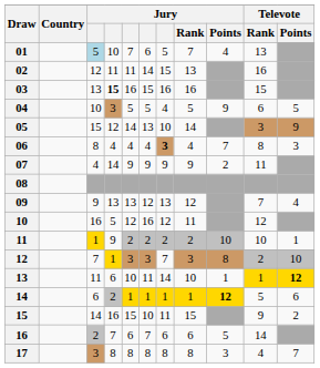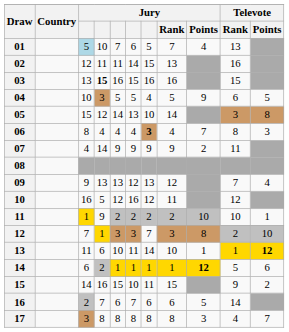 <table class="sortable wikitable collapsible plainrowheaders" style="text-align:center;">
 <tr>
 </tr>
 <tr>
 <th scope="col" rowspan="2">Draw</th>
 <th scope="col" rowspan="2">Country</th>
 <th scope="col" colspan="7">Jury</th>
 <th scope="col" colspan="2">Televote</th>
 </tr>
 <tr>
 <th scope="col"><small></small></th>
 <th scope="col"><small></small></th>
 <th scope="col"><small></small></th>
 <th scope="col"><small></small></th>
 <th scope="col"><small></small></th>
 <th scope="col">Rank</th>
 <th scope="col">Points</th>
 <th scope="col">Rank</th>
 <th scope="col">Points</th>
 </tr>
 <tr>
 <th scope="row" style="text-align:center;">01</th>
 <td style="text-align:left;"></td>
 <td style="background: lightblue;">5</td>
 <td>10</td>
 <td>7</td>
 <td>6</td>
 <td>5</td>
 <td>7</td>
 <td>4</td>
 <td>13</td>
 <td style="background:#AAAAAA;"></td>
 </tr>
 <tr>
 <th scope="row" style="text-align:center;">02</th>
 <td style="text-align:left;"></td>
 <td>12</td>
 <td>11</td>
 <td>11</td>
 <td>14</td>
 <td>15</td>
 <td>13</td>
 <td style="background:#AAAAAA;"></td>
 <td>16</td>
 <td style="background:#AAAAAA;"></td>
 </tr>
 <tr>
 <th scope="row" style="text-align:center;">03</th>
 <td style="text-align:left;"></td>
 <td>13</td>
 <td><strong>15</strong></td>
 <td>16</td>
 <td>15</td>
 <td>16</td>
 <td>16</td>
 <td style="background:#AAAAAA;"></td>
 <td>15</td>
 <td style="background:#AAAAAA;"></td>
 </tr>
 <tr>
 <th scope="row" style="text-align:center;">04</th>
 <td style="text-align:left;"></td>
 <td>10</td>
 <td style="background:#CC9966;">3</td>
 <td>5</td>
 <td>5</td>
 <td>4</td>
 <td>5</td>
 <td>9</td>
 <td>6</td>
 <td>5</td>
 </tr>
 <tr>
 <th scope="row" style="text-align:center;">05</th>
 <td style="text-align:left;"></td>
 <td>15</td>
 <td>12</td>
 <td>14</td>
 <td>13</td>
 <td>10</td>
 <td>14</td>
 <td style="background:#AAAAAA;"></td>
 <td style="background:#CC9966;">3</td>
-<td style="background:#CC9966;">9</td>
+<td style="background:#CC9966;">8</td>
 </tr>
 <tr>
 <th scope="row" style="text-align:center;">06</th>
 <td style="text-align:left;"></td>
 <td>8</td>
 <td>4</td>
 <td>4</td>
 <td>4</td>
 <td style="background:#CC9966;"><strong>3</strong></td>
 <td>4</td>
 <td>7</td>
 <td>8</td>
 <td>3</td>
 </tr>
 <tr>
 <th scope="row" style="text-align:center;">07</th>
 <td style="text-align:left;"></td>
 <td>4</td>
 <td>14</td>
 <td>9</td>
 <td>9</td>
 <td>9</td>
 <td>9</td>
 <td>2</td>
 <td>11</td>
 <td style="background:#AAAAAA;"></td>
 </tr>
 <tr class="sortbottom">
 <th scope="row" style="text-align:center;">08</th>
 <td style="text-align:left;"></td>
 <td style="background:#AAAAAA;"></td>
 <td style="background:#AAAAAA;"></td>
 <td style="background:#AAAAAA;"></td>
 <td style="background:#AAAAAA;"></td>
 <td style="background:#AAAAAA;"></td>
 <td style="background:#AAAAAA;"></td>
 <td style="background:#AAAAAA;"></td>
 <td style="background:#AAAAAA;"></td>
 <td style="background:#AAAAAA;"></td>
 </tr>
 <tr>
 <th scope="row" style="text-align:center;">09</th>
 <td style="text-align:left;"></td>
 <td>9</td>
 <td>13</td>
 <td>13</td>
 <td>12</td>
 <td>13</td>
 <td>12</td>
 <td style="background:#AAAAAA;"></td>
 <td>7</td>
 <td>4</td>
 </tr>
 <tr>
 <th scope="row" style="text-align:center;">10</th>
 <td style="text-align:left;"></td>
 <td>16</td>
 <td>5</td>
 <td>12</td>
 <td>16</td>
 <td>12</td>
 <td>11</td>
 <td style="background:#AAAAAA;"></td>
 <td>12</td>
 <td style="background:#AAAAAA;"></td>
 </tr>
 <tr>
 <th scope="row" style="text-align:center;">11</th>
 <td style="text-align:left;"></td>
 <td style="background:gold;">1</td>
 <td>9</td>
 <td style="background:silver;">2</td>
 <td style="background:silver;">2</td>
 <td style="background:silver;">2</td>
 <td style="background:silver;">2</td>
 <td style="background:silver;">10</td>
 <td>10</td>
 <td>1</td>
 </tr>
 <tr>
 <th scope="row" style="text-align:center;">12</th>
 <td style="text-align:left;"></td>
 <td>7</td>
 <td style="background:gold;">1</td>
 <td style="background:#CC9966;">3</td>
 <td style="background:#CC9966;">3</td>
 <td>7</td>
 <td style="background:#CC9966;">3</td>
 <td style="background:#CC9966;">8</td>
 <td style="background:silver;">2</td>
 <td style="background:silver;">10</td>
 </tr>
 <tr>
 <th scope="row" style="text-align:center;">13</th>
 <td style="text-align:left;"></td>
 <td>11</td>
 <td>6</td>
 <td>10</td>
 <td>11</td>
 <td>14</td>
 <td>10</td>
 <td>1</td>
 <td style="background:gold;">1</td>
 <td style="background:gold;"><strong>12</strong></td>
 </tr>
 <tr>
 <th scope="row" style="text-align:center;">14</th>
 <td style="text-align:left;"></td>
 <td>6</td>
 <td style="background:silver;">2</td>
 <td style="background:gold;">1</td>
 <td style="background:gold;">1</td>
 <td style="background:gold;">1</td>
 <td style="background:gold;">1</td>
 <td style="background:gold;"><strong>12</strong></td>
 <td>5</td>
 <td>6</td>
 </tr>
 <tr>
 <th scope="row" style="text-align:center;">15</th>
 <td style="text-align:left;"></td>
 <td>14</td>
 <td>16</td>
 <td>15</td>
 <td>10</td>
 <td>11</td>
 <td>15</td>
 <td style="background:#AAAAAA;"></td>
 <td>9</td>
 <td>2</td>
 </tr>
 <tr>
 <th scope="row" style="text-align:center;">16</th>
 <td style="text-align:left;"></td>
 <td style="background:silver;">2</td>
 <td>7</td>
 <td>6</td>
 <td>7</td>
 <td>6</td>
 <td>6</td>
 <td>5</td>
 <td>14</td>
 <td style="background:#AAAAAA;"></td>
 </tr>
 <tr>
 <th scope="row" style="text-align:center;">17</th>
 <td style="text-align:left;"></td>
 <td style="background:#CC9966;">3</td>
 <td>8</td>
 <td>8</td>
 <td>8</td>
 <td>8</td>
 <td>8</td>
 <td>3</td>
 <td>4</td>
 <td>7</td>
 </tr>
 </table>
